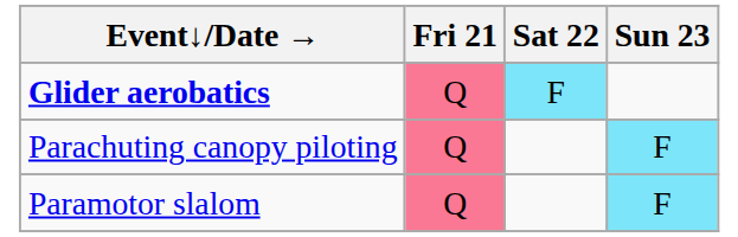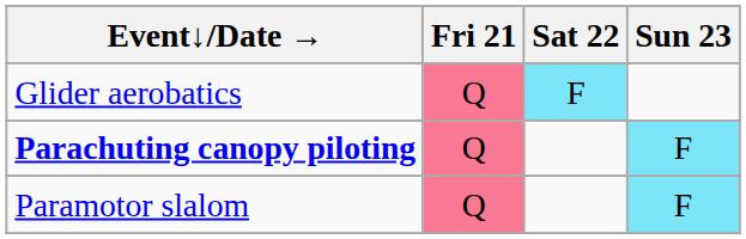 <table class="wikitable" style="margin:0.5em auto; font-size:90%; line-height:1.25em;">
 <tr style="text-align:center;">
 <th>Event↓/Date →</th>
 <th colspan=2>Fri 21</th>
 <th colspan=2>Sat 22</th>
 <th colspan=2>Sun 23</th>
 </tr>
 <tr style="text-align:center;">
-<td style="text-align:left;"><strong><a href='#'>Glider aerobatics</a></strong></td>
+<td style="text-align:left;"><a href='#'>Glider aerobatics</a></td>
 <td colspan=2 style="background-color:#FA7894;text-align:center;">Q</td>
 <td colspan=2 style="background-color:#7DE5FA;">F</td>
 <td colspan=2></td>
 </tr>
 <tr style="text-align:center;">
-<td style="text-align:left;"><a href='#'>Parachuting canopy piloting</a></td>
+<td style="text-align:left;"><strong><a href='#'>Parachuting canopy piloting</a></strong></td>
 <td colspan=2 style="background-color:#FA7894;text-align:center;">Q</td>
 <td colspan=2></td>
 <td colspan=2 style="background-color:#7DE5FA;">F</td>
 </tr>
 <tr style="text-align:center;">
 <td style="text-align:left;"><a href='#'>Paramotor slalom</a></td>
 <td colspan=2 style="background-color:#FA7894;text-align:center;">Q</td>
 <td colspan=2></td>
 <td colspan=2 style="background-color:#7DE5FA;">F</td>
 </tr>
 </table>
